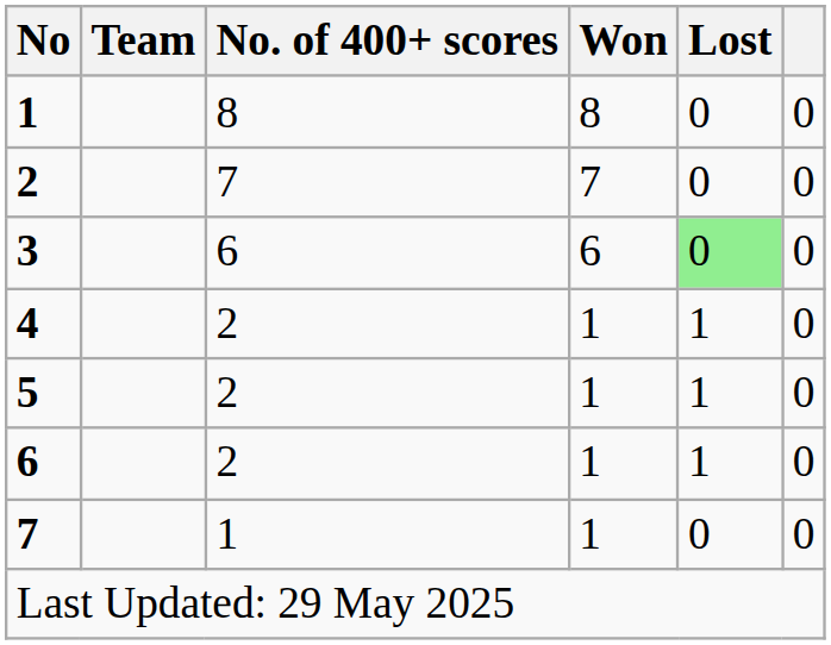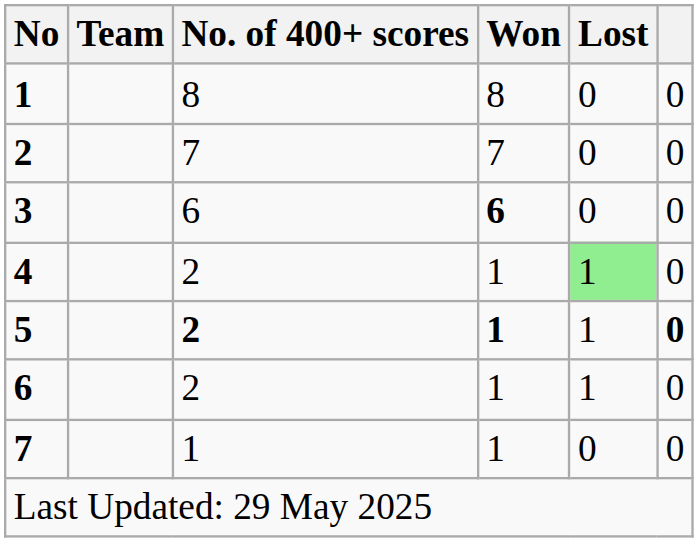 <table class="wikitable">
 <tr>
 <th>No</th>
 <th>Team</th>
 <th>No. of 400+ scores</th>
 <th>Won</th>
 <th>Lost</th>
 <th></th>
 </tr>
 <tr>
 <td><strong>1</strong></td>
 <td></td>
 <td>8</td>
 <td>8</td>
 <td>0</td>
 <td>0</td>
 </tr>
 <tr>
 <td><strong>2</strong></td>
 <td></td>
 <td>7</td>
 <td>7</td>
 <td>0</td>
 <td>0</td>
 </tr>
 <tr>
 <td><strong>3</strong></td>
 <td></td>
 <td>6</td>
-<td>6</td>
-<td style="background: lightgreen;">0</td>
+<td><strong>6</strong></td>
+<td>0</td>
 <td>0</td>
 </tr>
 <tr>
 <td><strong>4</strong></td>
 <td></td>
 <td>2</td>
 <td>1</td>
-<td>1</td>
+<td style="background: lightgreen;">1</td>
 <td>0</td>
 </tr>
 <tr>
 <td><strong>5</strong></td>
 <td></td>
-<td>2</td>
+<td><strong>2</strong></td>
+<td><strong>1</strong></td>
 <td>1</td>
-<td>1</td>
-<td>0</td>
+<td><strong>0</strong></td>
 </tr>
 <tr>
 <td><strong>6</strong></td>
 <td></td>
 <td>2</td>
 <td>1</td>
 <td>1</td>
 <td>0</td>
 </tr>
 <tr>
 <td><strong>7</strong></td>
 <td></td>
 <td>1</td>
 <td>1</td>
 <td>0</td>
 <td>0</td>
 </tr>
 <tr>
 <td colspan=10>Last Updated: 29 May 2025</td>
 </tr>
 </table>
